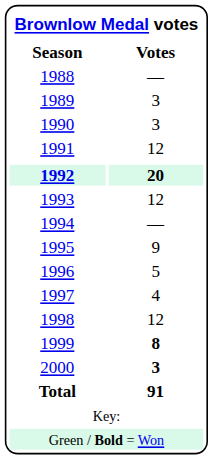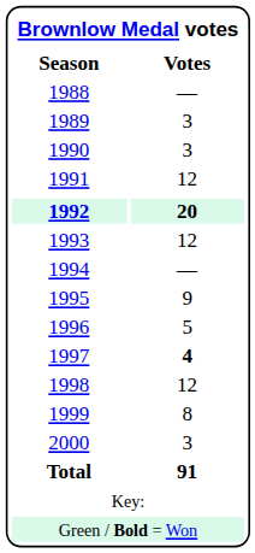 <table style="margin-right:4px; margin-top:8px; float:right; border:1px #000 solid; border-radius:8px; background:#fff; font-family:Verdana; font-size:8pt; text-align:center;">
 <tr style="background:#fff;">
 <td colspan="2;" style="padding:3px; margin-bottom:-3px; margin-top:2px; font-family:Arial; "><strong><a href='#'>Brownlow Medal</a> votes</strong></td>
 </tr>
 <tr>
 <th style="width:50%;">Season</th>
 <th style="width:50%;">Votes</th>
 </tr>
 <tr>
 <td><a href='#'>1988</a></td>
 <td>—</td>
 </tr>
 <tr>
 <td><a href='#'>1989</a></td>
 <td>3</td>
 </tr>
 <tr>
 <td><a href='#'>1990</a></td>
 <td>3</td>
 </tr>
 <tr>
 <td><a href='#'>1991</a></td>
 <td>12</td>
 </tr>
 <tr>
 </tr>
 <tr style="background:#D9F9E9;">
 <td><strong><a href='#'>1992</a></strong></td>
 <td><strong>20</strong></td>
 </tr>
 <tr>
 <td><a href='#'>1993</a></td>
 <td>12</td>
 </tr>
 <tr>
 <td><a href='#'>1994</a></td>
 <td>—</td>
 </tr>
 <tr>
 <td><a href='#'>1995</a></td>
 <td>9</td>
 </tr>
 <tr>
 <td><a href='#'>1996</a></td>
 <td>5</td>
 </tr>
 <tr>
 <td><a href='#'>1997</a></td>
-<td>4</td>
+<td><strong>4</strong></td>
 </tr>
 <tr>
 <td><a href='#'>1998</a></td>
 <td>12</td>
 </tr>
 <tr>
 <td><a href='#'>1999</a></td>
-<td><strong>8</strong></td>
+<td>8</td>
 </tr>
 <tr>
 <td><a href='#'>2000</a></td>
-<td><strong>3</strong></td>
+<td>3</td>
 </tr>
 <tr>
 <td><strong>Total</strong></td>
 <td><strong>91</strong></td>
 </tr>
 <tr>
 <td colspan=2><small>Key:</small></td>
 </tr>
 <tr style="background:#d9f9e9; border:1px solid #aaa; width:2em;">
 <td colspan=2><small>Green / <strong>Bold</strong> = <a href='#'>Won</a></small></td>
 </tr>
 </table>
